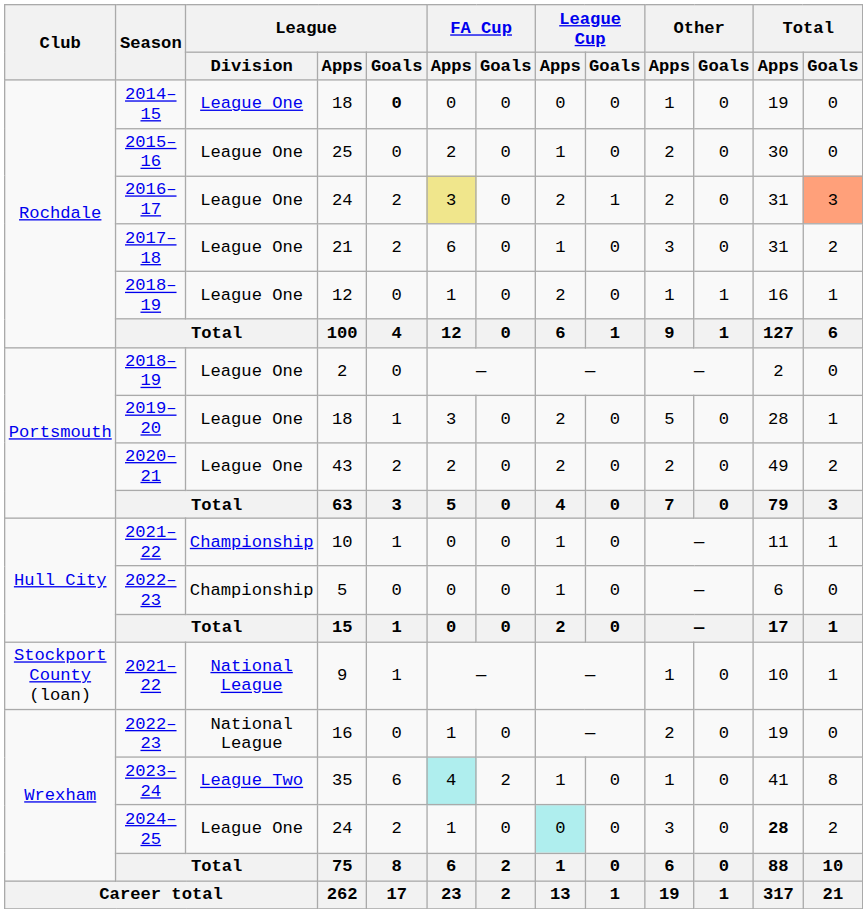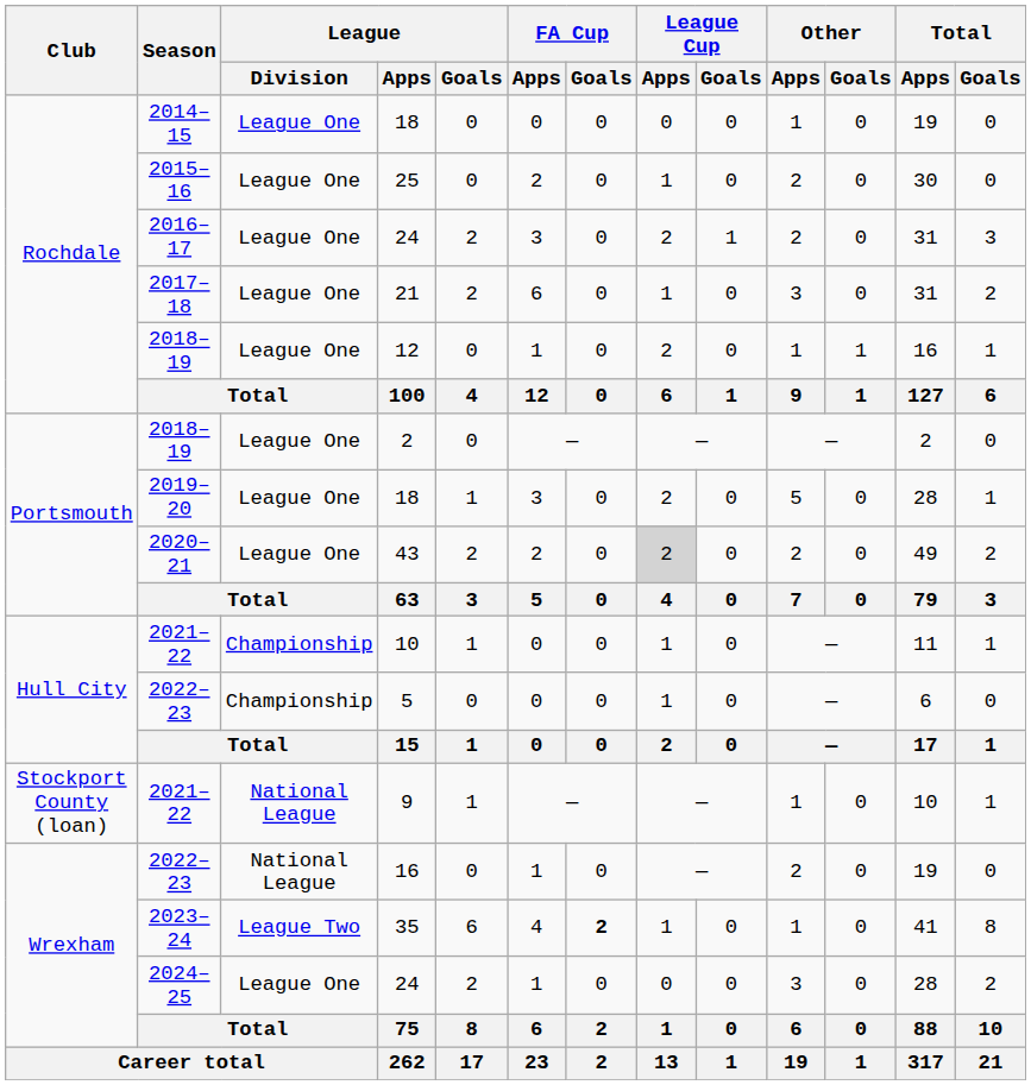 <table class="wikitable" style="text-align: center">
 <tr>
 <th rowspan=2>Club</th>
 <th rowspan=2>Season</th>
 <th colspan=3>League</th>
 <th colspan=2><a href='#'>FA Cup</a></th>
 <th colspan=2><a href='#'>League Cup</a></th>
 <th colspan=2>Other</th>
 <th colspan=2>Total</th>
 </tr>
 <tr>
 <th>Division</th>
 <th>Apps</th>
 <th>Goals</th>
 <th>Apps</th>
 <th>Goals</th>
 <th>Apps</th>
 <th>Goals</th>
 <th>Apps</th>
 <th>Goals</th>
 <th>Apps</th>
 <th>Goals</th>
 </tr>
 <tr>
 <td rowspan="6"><a href='#'>Rochdale</a></td>
 <td><a href='#'>2014–15</a></td>
 <td><a href='#'>League One</a></td>
 <td>18</td>
-<td><strong>0</strong></td>
+<td>0</td>
 <td>0</td>
 <td>0</td>
 <td>0</td>
 <td>0</td>
 <td>1</td>
 <td>0</td>
 <td>19</td>
 <td>0</td>
 </tr>
 <tr>
 <td><a href='#'>2015–16</a></td>
 <td>League One</td>
 <td>25</td>
 <td>0</td>
 <td>2</td>
 <td>0</td>
 <td>1</td>
 <td>0</td>
 <td>2</td>
 <td>0</td>
 <td>30</td>
 <td>0</td>
 </tr>
 <tr>
 <td><a href='#'>2016–17</a></td>
 <td>League One</td>
 <td>24</td>
 <td>2</td>
-<td style="background: khaki;">3</td>
+<td>3</td>
 <td>0</td>
 <td>2</td>
 <td>1</td>
 <td>2</td>
 <td>0</td>
 <td>31</td>
-<td style="background: lightsalmon;">3</td>
+<td>3</td>
 </tr>
 <tr>
 <td><a href='#'>2017–18</a></td>
 <td>League One</td>
 <td>21</td>
 <td>2</td>
 <td>6</td>
 <td>0</td>
 <td>1</td>
 <td>0</td>
 <td>3</td>
 <td>0</td>
 <td>31</td>
 <td>2</td>
 </tr>
 <tr>
 <td><a href='#'>2018–19</a></td>
 <td>League One</td>
 <td>12</td>
 <td>0</td>
 <td>1</td>
 <td>0</td>
 <td>2</td>
 <td>0</td>
 <td>1</td>
 <td>1</td>
 <td>16</td>
 <td>1</td>
 </tr>
 <tr>
 <th colspan="2">Total</th>
 <th>100</th>
 <th>4</th>
 <th>12</th>
 <th>0</th>
 <th>6</th>
 <th>1</th>
 <th>9</th>
 <th>1</th>
 <th>127</th>
 <th>6</th>
 </tr>
 <tr>
 <td rowspan="4"><a href='#'>Portsmouth</a></td>
 <td><a href='#'>2018–19</a></td>
 <td>League One</td>
 <td>2</td>
 <td>0</td>
 <td colspan="2">—</td>
 <td colspan="2">—</td>
 <td colspan="2">—</td>
 <td>2</td>
 <td>0</td>
 </tr>
 <tr>
 <td><a href='#'>2019–20</a></td>
 <td>League One</td>
 <td>18</td>
 <td>1</td>
 <td>3</td>
 <td>0</td>
 <td>2</td>
 <td>0</td>
 <td>5</td>
 <td>0</td>
 <td>28</td>
 <td>1</td>
 </tr>
 <tr>
 <td><a href='#'>2020–21</a></td>
 <td>League One</td>
 <td>43</td>
 <td>2</td>
 <td>2</td>
 <td>0</td>
-<td>2</td>
+<td style="background: lightgrey;">2</td>
 <td>0</td>
 <td>2</td>
 <td>0</td>
 <td>49</td>
 <td>2</td>
 </tr>
 <tr>
 <th colspan="2">Total</th>
 <th>63</th>
 <th>3</th>
 <th>5</th>
 <th>0</th>
 <th>4</th>
 <th>0</th>
 <th>7</th>
 <th>0</th>
 <th>79</th>
 <th>3</th>
 </tr>
 <tr>
 <td rowspan="3"><a href='#'>Hull City</a></td>
 <td><a href='#'>2021–22</a></td>
 <td><a href='#'>Championship</a></td>
 <td>10</td>
 <td>1</td>
 <td>0</td>
 <td>0</td>
 <td>1</td>
 <td>0</td>
 <td colspan="2">—</td>
 <td>11</td>
 <td>1</td>
 </tr>
 <tr>
 <td><a href='#'>2022–23</a></td>
 <td>Championship</td>
 <td>5</td>
 <td>0</td>
 <td>0</td>
 <td>0</td>
 <td>1</td>
 <td>0</td>
 <td colspan="2">—</td>
 <td>6</td>
 <td>0</td>
 </tr>
 <tr>
 <th colspan="2">Total</th>
 <th>15</th>
 <th>1</th>
 <th>0</th>
 <th>0</th>
 <th>2</th>
 <th>0</th>
 <th colspan="2">—</th>
 <th>17</th>
 <th>1</th>
 </tr>
 <tr>
 <td><a href='#'>Stockport County</a> (loan)</td>
 <td><a href='#'>2021–22</a></td>
 <td><a href='#'>National League</a></td>
 <td>9</td>
 <td>1</td>
 <td colspan="2">—</td>
 <td colspan="2">—</td>
 <td>1</td>
 <td>0</td>
 <td>10</td>
 <td>1</td>
 </tr>
 <tr>
 <td rowspan="4"><a href='#'>Wrexham</a></td>
 <td><a href='#'>2022–23</a></td>
 <td>National League</td>
 <td>16</td>
 <td>0</td>
 <td>1</td>
 <td>0</td>
 <td colspan="2">—</td>
 <td>2</td>
 <td>0</td>
 <td>19</td>
 <td>0</td>
 </tr>
 <tr>
 <td><a href='#'>2023–24</a></td>
 <td><a href='#'>League Two</a></td>
 <td>35</td>
 <td>6</td>
-<td style="background: paleturquoise;">4</td>
-<td>2</td>
+<td>4</td>
+<td><strong>2</strong></td>
 <td>1</td>
 <td>0</td>
 <td>1</td>
 <td>0</td>
 <td>41</td>
 <td>8</td>
 </tr>
 <tr>
 <td><a href='#'>2024–25</a></td>
 <td>League One</td>
 <td>24</td>
 <td>2</td>
 <td>1</td>
 <td>0</td>
-<td style="background: paleturquoise;">0</td>
+<td>0</td>
 <td>0</td>
 <td>3</td>
 <td>0</td>
-<td><strong>28</strong></td>
+<td>28</td>
 <td>2</td>
 </tr>
 <tr>
 <th colspan="2">Total</th>
 <th>75</th>
 <th>8</th>
 <th>6</th>
 <th>2</th>
 <th>1</th>
 <th>0</th>
 <th>6</th>
 <th>0</th>
 <th>88</th>
 <th>10</th>
 </tr>
 <tr>
 <th colspan="3">Career total</th>
 <th>262</th>
 <th>17</th>
 <th>23</th>
 <th>2</th>
 <th>13</th>
 <th>1</th>
 <th>19</th>
 <th>1</th>
 <th>317</th>
 <th>21</th>
 </tr>
 </table>
